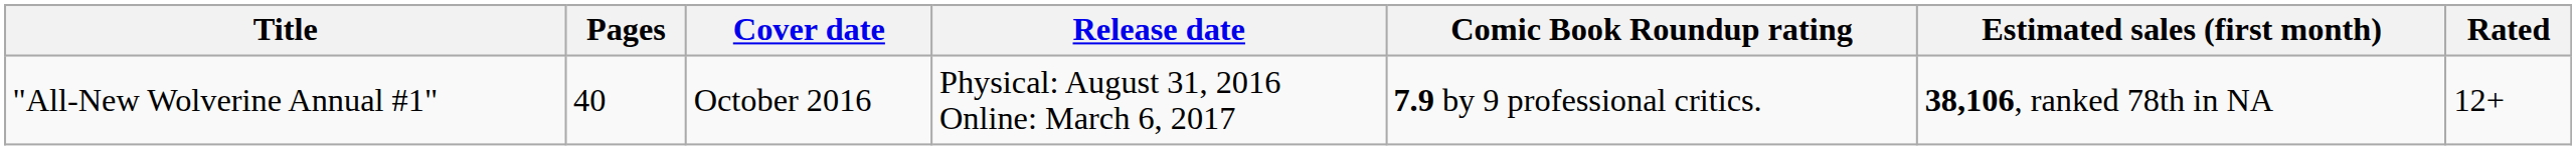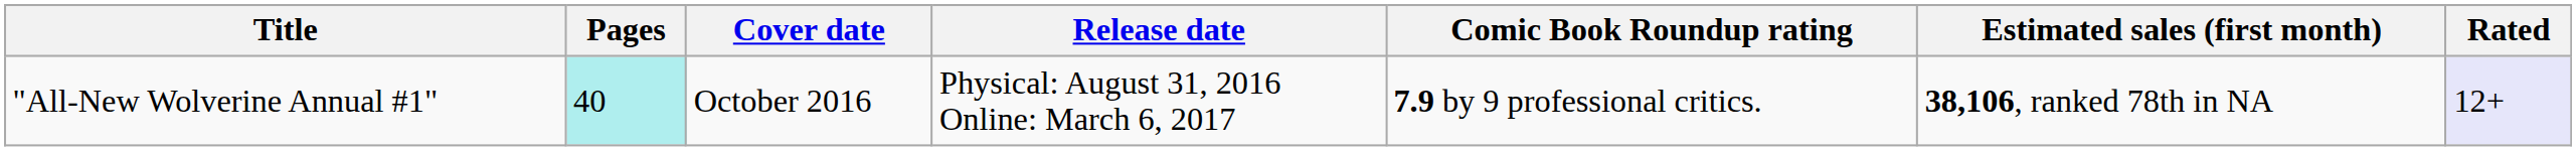 <table class="wikitable" width=100%>
 <tr>
 <th>Title</th>
 <th>Pages</th>
 <th><a href='#'>Cover date</a></th>
 <th><a href='#'>Release date</a></th>
 <th>Comic Book Roundup rating</th>
 <th>Estimated sales (first month)</th>
 <th>Rated</th>
 </tr>
 <tr>
 <td>"All-New Wolverine Annual #1"</td>
-<td>40</td>
+<td style="background: paleturquoise;">40</td>
 <td>October 2016</td>
 <td>Physical: August 31, 2016<br>Online: March 6, 2017</td>
 <td><strong>7.9</strong> by 9 professional critics.</td>
 <td><strong>38,106</strong>, ranked 78th in NA</td>
-<td>12+</td>
+<td style="background: lavender;">12+</td>
 </tr>
 </table>
